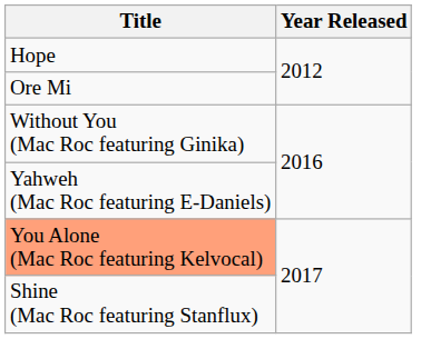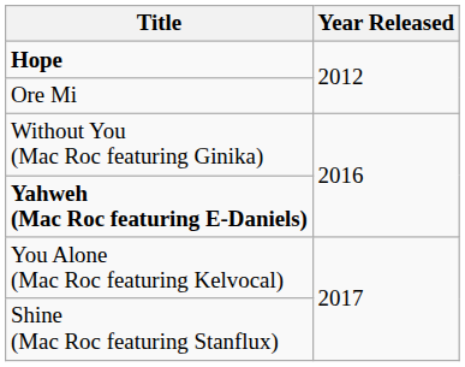 <table class="wikitable">
 <tr>
 <th>Title</th>
 <th>Year Released</th>
 </tr>
 <tr>
-<td>Hope</td>
+<td><strong>Hope</strong></td>
 <td rowspan="2">2012</td>
 </tr>
 <tr>
 <td>Ore Mi</td>
 </tr>
 <tr>
 <td>Without You<br>(Mac Roc featuring Ginika)</td>
 <td rowspan="2">2016</td>
 </tr>
 <tr>
-<td>Yahweh<br>(Mac Roc featuring E-Daniels)</td>
+<td><strong>Yahweh<br>(Mac Roc featuring E-Daniels)</strong></td>
 </tr>
 <tr>
-<td style="background: lightsalmon;">You Alone<br>(Mac Roc featuring Kelvocal)</td>
+<td>You Alone<br>(Mac Roc featuring Kelvocal)</td>
 <td rowspan="2">2017</td>
 </tr>
 <tr>
 <td>Shine<br>(Mac Roc featuring Stanflux)</td>
 </tr>
 </table>
